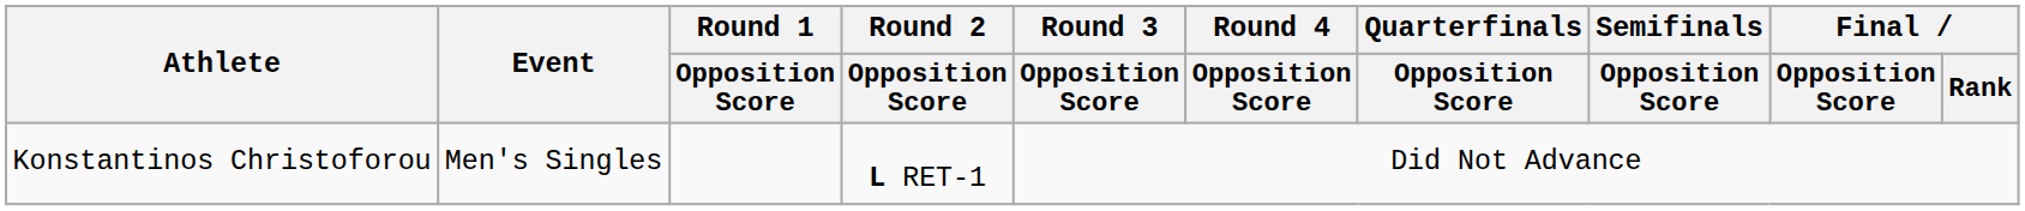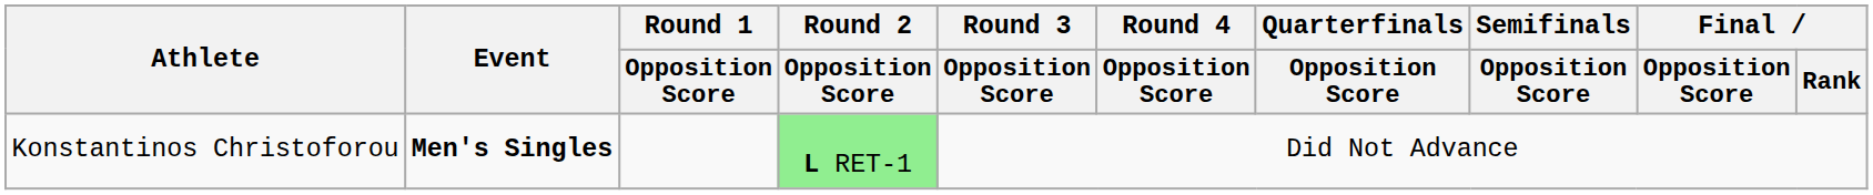 <table class=wikitable style="font-size:90%">
 <tr>
 <th rowspan="2">Athlete</th>
 <th rowspan="2">Event</th>
 <th>Round 1</th>
 <th>Round 2</th>
 <th>Round 3</th>
 <th>Round 4</th>
 <th>Quarterfinals</th>
 <th>Semifinals</th>
 <th colspan=2>Final / </th>
 </tr>
 <tr style="font-size:95%">
 <th>Opposition<br>Score</th>
 <th>Opposition<br>Score</th>
 <th>Opposition<br>Score</th>
 <th>Opposition<br>Score</th>
 <th>Opposition<br>Score</th>
 <th>Opposition<br>Score</th>
 <th>Opposition<br>Score</th>
 <th>Rank</th>
 </tr>
 <tr align=center>
 <td align=left>Konstantinos Christoforou</td>
-<td align=left>Men's Singles</td>
+<td align=left><strong>Men's Singles</strong></td>
 <td></td>
-<td><br><strong>L</strong> RET-1</td>
+<td style="background: lightgreen;"><br><strong>L</strong> RET-1</td>
 <td colspan=6>Did Not Advance</td>
 </tr>
 </table>
